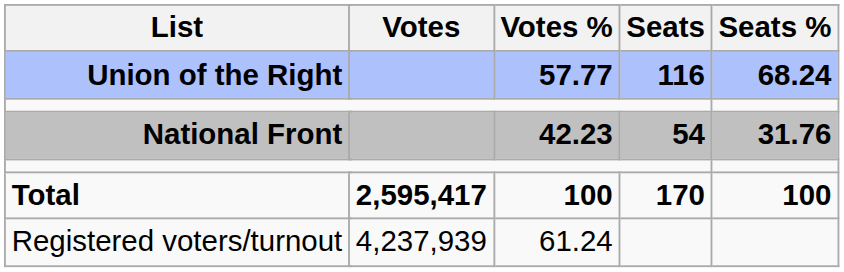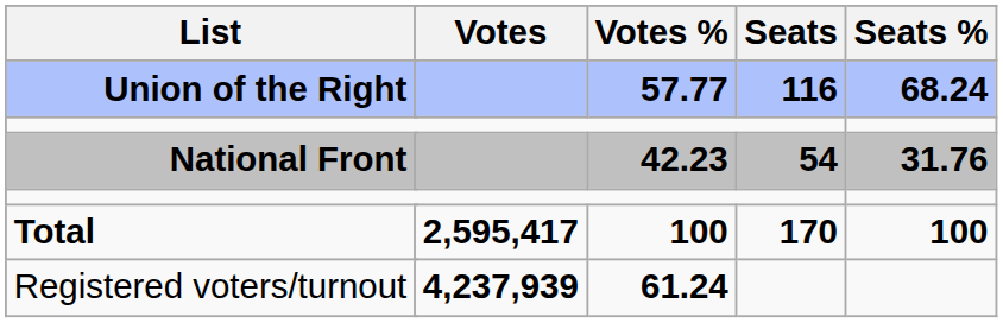 <table class=wikitable style=text-align:right>
 <tr>
 <th colspan=2>List</th>
 <th>Votes</th>
 <th>Votes %</th>
 <th>Seats</th>
 <th>Seats %</th>
 </tr>
 <tr style="background:#adc1fd;">
 <td colspan="2"><strong>Union of the Right</strong></td>
 <td style="text-align:right; "><strong> </strong></td>
 <td style="text-align:right; "><strong>57.77</strong></td>
 <td style="text-align:right; "><strong>116</strong></td>
 <td style="text-align:right; "><strong>68.24</strong></td>
 </tr>
 <tr>
 <td colspan=5></td>
 </tr>
 <tr style="background:silver;">
 <td colspan="2"><strong>National Front</strong></td>
 <td style="text-align:right; "><strong></strong></td>
 <td style="text-align:right; "><strong>42.23</strong></td>
 <td style="text-align:right; "><strong>54</strong></td>
 <td style="text-align:right; "><strong>31.76</strong></td>
 </tr>
 <tr>
 <td colspan=5></td>
 </tr>
 <tr>
 <td colspan="2" style="text-align:left;"><strong>Total</strong></td>
 <td><strong>2,595,417</strong></td>
 <td><strong>100</strong></td>
 <td><strong>170</strong></td>
 <td><strong>100</strong></td>
 </tr>
 <tr>
 <td colspan="2" style="text-align:left;">Registered voters/turnout</td>
-<td>4,237,939</td>
-<td>61.24</td>
+<td><strong>4,237,939</strong></td>
+<td><strong>61.24</strong></td>
 <td></td>
 <td></td>
 </tr>
 </table>
